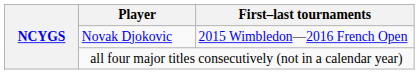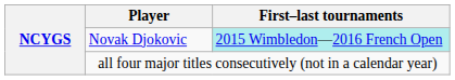 <table class="wikitable nowrap">
 <tr>
 <th rowspan="3" width="80"><a href='#'>NCYGS</a></th>
 <th>Player</th>
 <th>First–last tournaments</th>
 </tr>
 <tr>
 <td width="130"> <a href='#'>Novak Djokovic</a></td>
-<td width="250"><a href='#'>2015 Wimbledon</a>—<a href='#'>2016 French Open</a></td>
+<td width="250" style="background: paleturquoise;"><a href='#'>2015 Wimbledon</a>—<a href='#'>2016 French Open</a></td>
 </tr>
 <tr>
 <td colspan=2 align=center>all four major titles consecutively (not in a calendar year)</td>
 </tr>
 </table>
